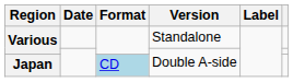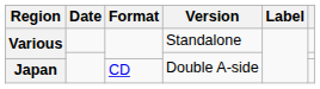 <table class="wikitable plainrowheaders">
 <tr>
 <th scope="col">Region</th>
 <th>Date</th>
 <th>Format</th>
 <th>Version</th>
 <th>Label</th>
 <th></th>
 </tr>
 <tr>
 <th scope="row" rowspan="2">Various</th>
 <td></td>
 <td rowspan="2"></td>
 <td>Standalone</td>
 <td rowspan="3"></td>
 <td style="text-align:center"></td>
 </tr>
 <tr>
 <td rowspan="2"></td>
 <td rowspan="2">Double A-side</td>
 <td style="text-align:center"></td>
 </tr>
 <tr>
 <th scope="row">Japan</th>
-<td style="background: lightblue;"><a href='#'>CD</a></td>
+<td><a href='#'>CD</a></td>
 <td style="text-align:center"></td>
 </tr>
 </table>
